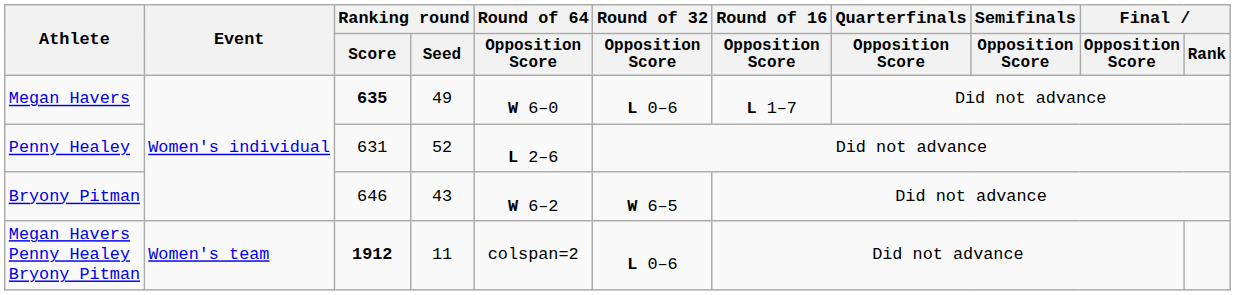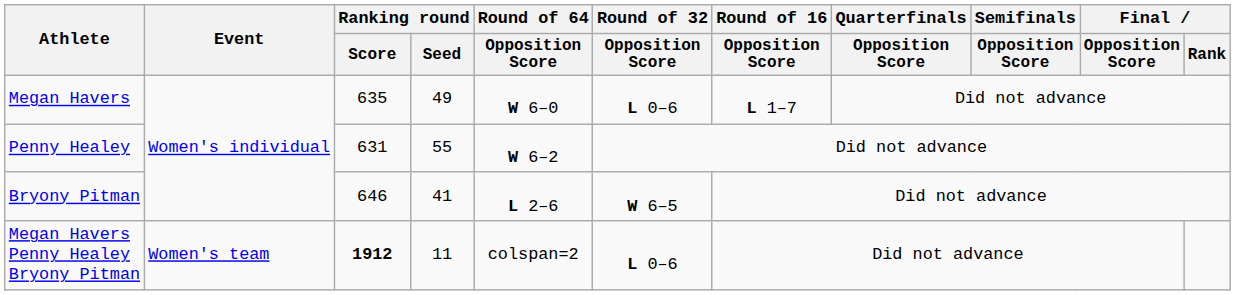 <table class=wikitable style=font-size:90%;text-align:center>
 <tr>
 <th rowspan=2>Athlete</th>
 <th rowspan=2>Event</th>
 <th colspan=2>Ranking round</th>
 <th>Round of 64</th>
 <th>Round of 32</th>
 <th>Round of 16</th>
 <th>Quarterfinals</th>
 <th>Semifinals</th>
 <th colspan=2>Final / </th>
 </tr>
 <tr style=font-size:95%>
 <th>Score</th>
 <th>Seed</th>
 <th>Opposition<br>Score</th>
 <th>Opposition<br>Score</th>
 <th>Opposition<br>Score</th>
 <th>Opposition<br>Score</th>
 <th>Opposition<br>Score</th>
 <th>Opposition<br>Score</th>
 <th>Rank</th>
 </tr>
 <tr>
 <td align=left><a href='#'>Megan Havers</a></td>
 <td align=left rowspan=3><a href='#'>Women's individual</a></td>
-<td><strong>635</strong></td>
+<td>635</td>
 <td>49</td>
 <td><br><strong>W</strong> 6–0</td>
 <td><br><strong>L</strong> 0–6</td>
 <td><br><strong>L</strong> 1–7</td>
 <td colspan=4>Did not advance</td>
 </tr>
 <tr>
 <td align=left><a href='#'>Penny Healey</a></td>
 <td>631</td>
-<td>52</td>
-<td><br><strong>L</strong> 2–6</td>
+<td>55</td>
+<td><br><strong>W</strong> 6–2</td>
 <td colspan=6>Did not advance</td>
 </tr>
 <tr>
 <td align=left><a href='#'>Bryony Pitman</a></td>
 <td>646</td>
-<td>43</td>
-<td><br><strong>W</strong> 6–2</td>
+<td>41</td>
+<td><br><strong>L</strong> 2–6</td>
 <td><br><strong>W</strong> 6–5</td>
 <td colspan=5>Did not advance</td>
 </tr>
 <tr align=center>
 <td align=left><a href='#'>Megan Havers</a><br><a href='#'>Penny Healey</a><br><a href='#'>Bryony Pitman</a></td>
 <td align=left><a href='#'>Women's team</a></td>
 <td><strong>1912</strong></td>
 <td>11</td>
 <td>colspan=2 </td>
 <td><br><strong>L</strong> 0–6</td>
 <td colspan="4">Did not advance</td>
 </tr>
 </table>
